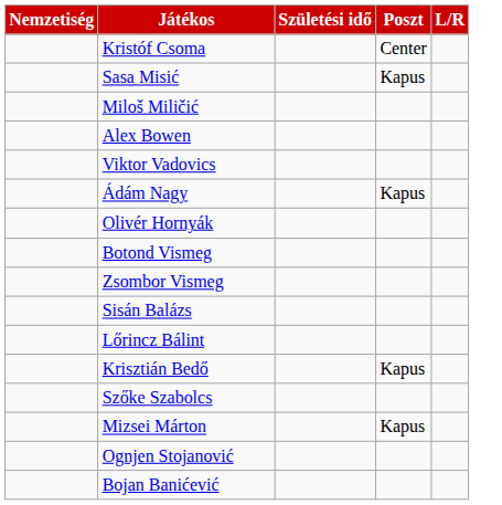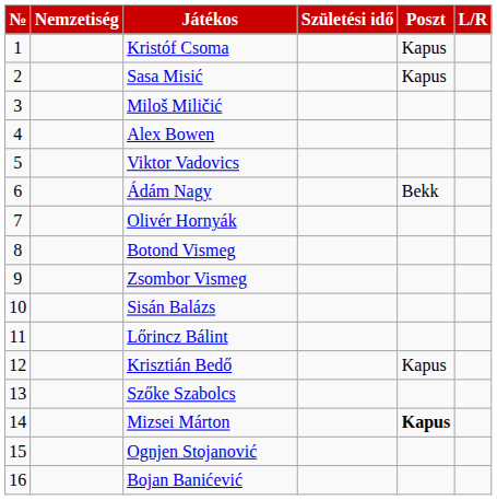 <table class=wikitable bgcolor="#f7f8ff" cellpadding="3" cellspacing="0" border="1" style="font-size: 95%; border: 1px solid #CFB53B; border-collapse: collapse;">
 <tr style="color: #FFFFFF;background:#CC0000">
+<td align=center><strong>№</strong></td>
 <td align=center><strong>Nemzetiség</strong></td>
 <td width=145; align=center><strong>Játékos</strong></td>
 <td align=center><strong>Születési idő</strong></td>
 <td align=center><strong>Poszt</strong></td>
 <td align=center><strong>L/R</strong></td>
 </tr>
 <tr>
+<td align=center>1</td>
 <td align=center></td>
 <td><a href='#'>Kristóf Csoma</a></td>
 <td></td>
-<td>Center</td>
+<td>Kapus</td>
 <td></td>
 </tr>
 <tr>
+<td align=center>2</td>
 <td align=center></td>
 <td><a href='#'>Sasa Misić</a></td>
 <td></td>
 <td>Kapus</td>
 <td></td>
 </tr>
 <tr>
+<td align=center>3</td>
 <td align=center></td>
 <td><a href='#'>Miloš Miličić</a></td>
 <td></td>
 <td></td>
 <td></td>
 </tr>
 <tr>
+<td align=center>4</td>
 <td align=center></td>
 <td><a href='#'>Alex Bowen</a></td>
 <td></td>
 <td></td>
 <td></td>
 </tr>
 <tr>
+<td align=center>5</td>
 <td align=center></td>
 <td><a href='#'>Viktor Vadovics</a></td>
 <td></td>
 <td></td>
 <td></td>
 </tr>
 <tr>
+<td align=center>6</td>
 <td align=center></td>
 <td><a href='#'>Ádám Nagy</a></td>
 <td></td>
-<td>Kapus</td>
+<td>Bekk</td>
 <td></td>
 </tr>
 <tr>
+<td align=center>7</td>
 <td align=center></td>
 <td><a href='#'>Olivér Hornyák</a></td>
 <td></td>
 <td></td>
 <td></td>
 </tr>
 <tr>
+<td align=center>8</td>
 <td align=center></td>
 <td><a href='#'>Botond Vismeg</a></td>
 <td></td>
 <td></td>
 <td></td>
 </tr>
 <tr>
+<td align=center>9</td>
 <td align=center></td>
 <td><a href='#'>Zsombor Vismeg</a></td>
 <td></td>
 <td></td>
 <td></td>
 </tr>
 <tr>
+<td align=center>10</td>
 <td align=center></td>
 <td><a href='#'>Sisán Balázs</a></td>
 <td></td>
 <td></td>
 <td></td>
 </tr>
 <tr>
+<td align=center>11</td>
 <td align=center></td>
 <td><a href='#'>Lőrincz Bálint</a></td>
 <td></td>
 <td></td>
 <td></td>
 </tr>
 <tr>
+<td align=center>12</td>
 <td align=center></td>
 <td><a href='#'>Krisztián Bedő</a></td>
 <td></td>
 <td>Kapus</td>
 <td></td>
 </tr>
 <tr>
+<td align=center>13</td>
 <td align=center></td>
 <td><a href='#'>Szőke Szabolcs</a></td>
 <td></td>
 <td></td>
 <td></td>
 </tr>
 <tr>
+<td align=center>14</td>
 <td align=center></td>
 <td><a href='#'>Mizsei Márton</a></td>
 <td></td>
-<td>Kapus</td>
+<td><strong>Kapus</strong></td>
 <td></td>
 </tr>
 <tr>
+<td align=center>15</td>
 <td align=center></td>
 <td><a href='#'>Ognjen Stojanović</a></td>
 <td></td>
 <td></td>
 <td></td>
 </tr>
 <tr>
+<td align=center>16</td>
 <td align=center></td>
 <td><a href='#'>Bojan Banićević</a></td>
 <td></td>
 <td></td>
 <td></td>
 </tr>
 </table>
